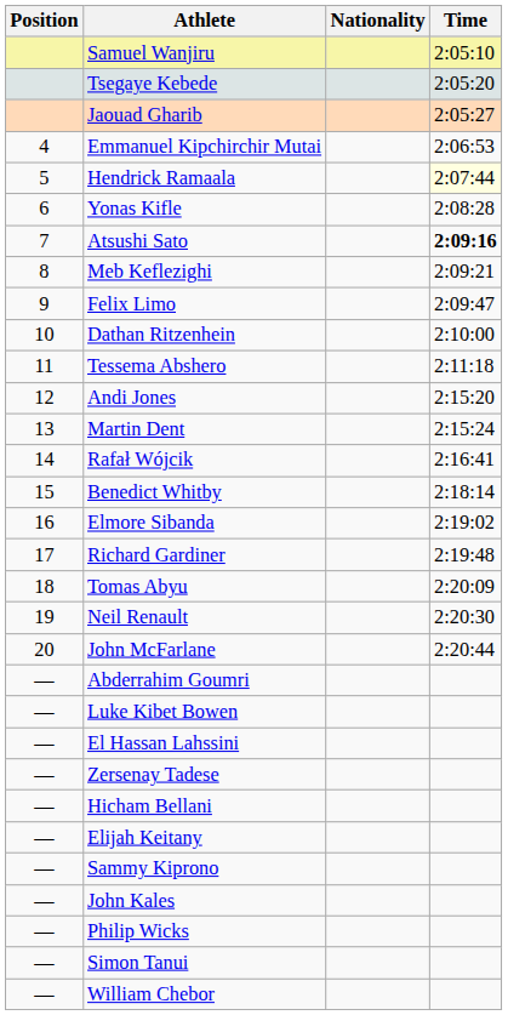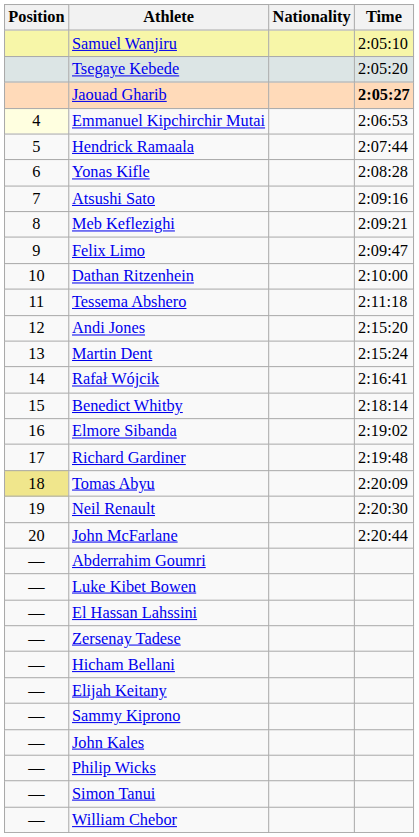 <table class="wikitable sortable">
 <tr>
 <th>Position</th>
 <th>Athlete</th>
 <th>Nationality</th>
 <th>Time</th>
 </tr>
 <tr bgcolor=#F7F6A8>
 <td align=center></td>
 <td><a href='#'>Samuel Wanjiru</a></td>
 <td></td>
 <td>2:05:10</td>
 </tr>
 <tr bgcolor=#DCE5E5>
 <td align=center></td>
 <td><a href='#'>Tsegaye Kebede</a></td>
 <td></td>
 <td>2:05:20</td>
 </tr>
 <tr bgcolor=#FFDAB9>
 <td align=center></td>
 <td><a href='#'>Jaouad Gharib</a></td>
 <td></td>
-<td>2:05:27</td>
+<td><strong>2:05:27</strong></td>
 </tr>
 <tr>
-<td align=center>4</td>
+<td align=center style="background: lightyellow;">4</td>
 <td><a href='#'>Emmanuel Kipchirchir Mutai</a></td>
 <td></td>
 <td>2:06:53</td>
 </tr>
 <tr>
 <td align=center>5</td>
 <td><a href='#'>Hendrick Ramaala</a></td>
 <td></td>
-<td style="background: lightyellow;">2:07:44</td>
+<td>2:07:44</td>
 </tr>
 <tr>
 <td align=center>6</td>
 <td><a href='#'>Yonas Kifle</a></td>
 <td></td>
 <td>2:08:28</td>
 </tr>
 <tr>
 <td align=center>7</td>
 <td><a href='#'>Atsushi Sato</a></td>
 <td></td>
-<td><strong>2:09:16</strong></td>
+<td>2:09:16</td>
 </tr>
 <tr>
 <td align=center>8</td>
 <td><a href='#'>Meb Keflezighi</a></td>
 <td></td>
 <td>2:09:21</td>
 </tr>
 <tr>
 <td align=center>9</td>
 <td><a href='#'>Felix Limo</a></td>
 <td></td>
 <td>2:09:47</td>
 </tr>
 <tr>
 <td align=center>10</td>
 <td><a href='#'>Dathan Ritzenhein</a></td>
 <td></td>
 <td>2:10:00</td>
 </tr>
 <tr>
 <td align=center>11</td>
 <td><a href='#'>Tessema Abshero</a></td>
 <td></td>
 <td>2:11:18</td>
 </tr>
 <tr>
 <td align=center>12</td>
 <td><a href='#'>Andi Jones</a></td>
 <td></td>
 <td>2:15:20</td>
 </tr>
 <tr>
 <td align=center>13</td>
 <td><a href='#'>Martin Dent</a></td>
 <td></td>
 <td>2:15:24</td>
 </tr>
 <tr>
 <td align=center>14</td>
 <td><a href='#'>Rafał Wójcik</a></td>
 <td></td>
 <td>2:16:41</td>
 </tr>
 <tr>
 <td align=center>15</td>
 <td><a href='#'>Benedict Whitby</a></td>
 <td></td>
 <td>2:18:14</td>
 </tr>
 <tr>
 <td align=center>16</td>
 <td><a href='#'>Elmore Sibanda</a></td>
 <td></td>
 <td>2:19:02</td>
 </tr>
 <tr>
 <td align=center>17</td>
 <td><a href='#'>Richard Gardiner</a></td>
 <td></td>
 <td>2:19:48</td>
 </tr>
 <tr>
-<td align=center>18</td>
+<td align=center style="background: khaki;">18</td>
 <td><a href='#'>Tomas Abyu</a></td>
 <td></td>
 <td>2:20:09</td>
 </tr>
 <tr>
 <td align=center>19</td>
 <td><a href='#'>Neil Renault</a></td>
 <td></td>
 <td>2:20:30</td>
 </tr>
 <tr>
 <td align=center>20</td>
 <td><a href='#'>John McFarlane</a></td>
 <td></td>
 <td>2:20:44</td>
 </tr>
 <tr>
 <td align=center>—</td>
 <td><a href='#'>Abderrahim Goumri</a></td>
 <td></td>
 <td></td>
 </tr>
 <tr>
 <td align=center>—</td>
 <td><a href='#'>Luke Kibet Bowen</a></td>
 <td></td>
 <td></td>
 </tr>
 <tr>
 <td align=center>—</td>
 <td><a href='#'>El Hassan Lahssini</a></td>
 <td></td>
 <td></td>
 </tr>
 <tr>
 <td align=center>—</td>
 <td><a href='#'>Zersenay Tadese</a></td>
 <td></td>
 <td></td>
 </tr>
 <tr>
 <td align=center>—</td>
 <td><a href='#'>Hicham Bellani</a></td>
 <td></td>
 <td></td>
 </tr>
 <tr>
 <td align=center>—</td>
 <td><a href='#'>Elijah Keitany</a></td>
 <td></td>
 <td></td>
 </tr>
 <tr>
 <td align=center>—</td>
 <td><a href='#'>Sammy Kiprono</a></td>
 <td></td>
 <td></td>
 </tr>
 <tr>
 <td align=center>—</td>
 <td><a href='#'>John Kales</a></td>
 <td></td>
 <td></td>
 </tr>
 <tr>
 <td align=center>—</td>
 <td><a href='#'>Philip Wicks</a></td>
 <td></td>
 <td></td>
 </tr>
 <tr>
 <td align=center>—</td>
 <td><a href='#'>Simon Tanui</a></td>
 <td></td>
 <td></td>
 </tr>
 <tr>
 <td align=center>—</td>
 <td><a href='#'>William Chebor</a></td>
 <td></td>
 <td></td>
 </tr>
 <tr>
 </tr>
 </table>
